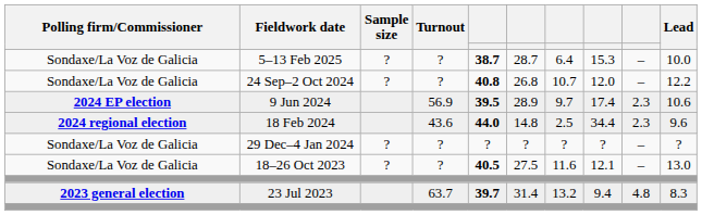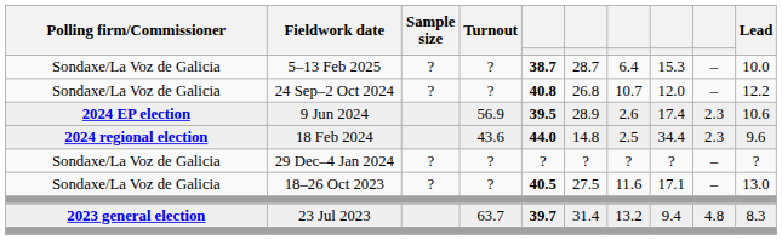 <table class="wikitable collapsible collapsed" style="text-align:center; font-size:95%; line-height:16px;">
 <tr style="height:42px;">
 <th style="width:250px;" rowspan="2">Polling firm/Commissioner</th>
 <th style="width:125px;" rowspan="2">Fieldwork date</th>
 <th style="width:50px;" rowspan="2">Sample size</th>
 <th style="width:45px;" rowspan="2">Turnout</th>
 <th style="width:35px;"></th>
 <th style="width:35px;"></th>
 <th style="width:35px;"></th>
 <th style="width:35px;"></th>
 <th style="width:35px;"></th>
 <th style="width:30px;" rowspan="2">Lead</th>
 </tr>
 <tr>
 <th style="color:inherit;background:"></th>
 <th style="color:inherit;background:"></th>
 <th style="color:inherit;background:"></th>
 <th style="color:inherit;background:"></th>
 <th style="color:inherit;background:"></th>
 </tr>
 <tr>
 <td>Sondaxe/La Voz de Galicia</td>
 <td>5–13 Feb 2025</td>
 <td>?</td>
 <td>?</td>
 <td><strong>38.7</strong><br></td>
 <td>28.7<br></td>
 <td>6.4<br></td>
 <td>15.3<br></td>
 <td>–</td>
 <td style="background:">10.0</td>
 </tr>
 <tr>
 <td>Sondaxe/La Voz de Galicia</td>
 <td>24 Sep–2 Oct 2024</td>
 <td>?</td>
 <td>?</td>
 <td><strong>40.8</strong><br></td>
 <td>26.8<br></td>
 <td>10.7<br></td>
 <td>12.0<br></td>
 <td>–</td>
 <td style="background:">12.2</td>
 </tr>
 <tr style="background:#EFEFEF;">
 <td><strong><a href='#'>2024 EP election</a></strong></td>
 <td>9 Jun 2024</td>
 <td></td>
 <td>56.9</td>
 <td><strong>39.5</strong><br></td>
 <td>28.9<br></td>
-<td>9.7<br></td>
+<td>2.6<br></td>
 <td>17.4<br></td>
 <td>2.3<br></td>
 <td style="background:">10.6</td>
 </tr>
 <tr style="background:#EFEFEF;">
 <td><strong><a href='#'>2024 regional election</a></strong></td>
 <td>18 Feb 2024</td>
 <td></td>
 <td>43.6</td>
 <td><strong>44.0</strong><br></td>
 <td>14.8<br></td>
 <td>2.5<br></td>
 <td>34.4<br></td>
 <td>2.3<br></td>
 <td style="background:">9.6</td>
 </tr>
 <tr>
 <td>Sondaxe/La Voz de Galicia</td>
 <td>29 Dec–4 Jan 2024</td>
 <td>?</td>
 <td>?</td>
 <td>?<br></td>
 <td>?<br></td>
 <td>?<br></td>
 <td>?<br></td>
 <td>–</td>
 <td style="background:">?</td>
 </tr>
 <tr>
 <td>Sondaxe/La Voz de Galicia</td>
 <td>18–26 Oct 2023</td>
 <td>?</td>
 <td>?</td>
 <td><strong>40.5</strong><br></td>
 <td>27.5<br></td>
 <td>11.6<br></td>
-<td>12.1<br></td>
+<td>17.1<br></td>
 <td>–</td>
 <td style="background:">13.0</td>
 </tr>
 <tr>
 <td colspan="10" style="background:#A0A0A0"></td>
 </tr>
 <tr style="background:#EFEFEF;">
 <td><strong><a href='#'>2023 general election</a></strong></td>
 <td>23 Jul 2023</td>
 <td></td>
 <td>63.7</td>
 <td><strong>39.7</strong><br></td>
 <td>31.4<br></td>
 <td>13.2<br></td>
 <td>9.4<br></td>
 <td>4.8<br></td>
 <td style="background:">8.3</td>
 </tr>
 <tr>
 <td colspan="10" style="background:#A0A0A0"></td>
 </tr>
 </table>
